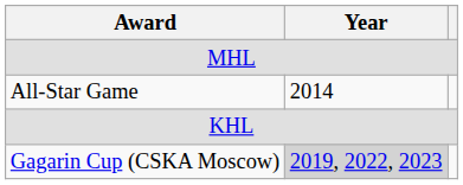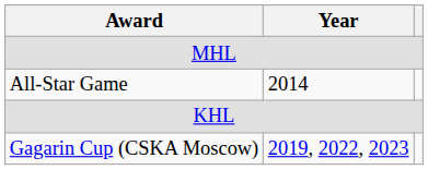 <table class="wikitable">
 <tr>
 <th>Award</th>
 <th>Year</th>
 <th></th>
 </tr>
 <tr ALIGN="center" bgcolor="#e0e0e0">
 <td colspan="3"><a href='#'>MHL</a></td>
 </tr>
 <tr>
 <td>All-Star Game</td>
 <td>2014</td>
 <td></td>
 </tr>
 <tr ALIGN="center" bgcolor="#e0e0e0">
 <td colspan="3"><a href='#'>KHL</a></td>
 </tr>
 <tr>
 <td><a href='#'>Gagarin Cup</a> (CSKA Moscow)</td>
-<td style="background: lightgrey;"><a href='#'>2019</a>, <a href='#'>2022</a>, <a href='#'>2023</a></td>
+<td><a href='#'>2019</a>, <a href='#'>2022</a>, <a href='#'>2023</a></td>
 <td></td>
 </tr>
 </table>
